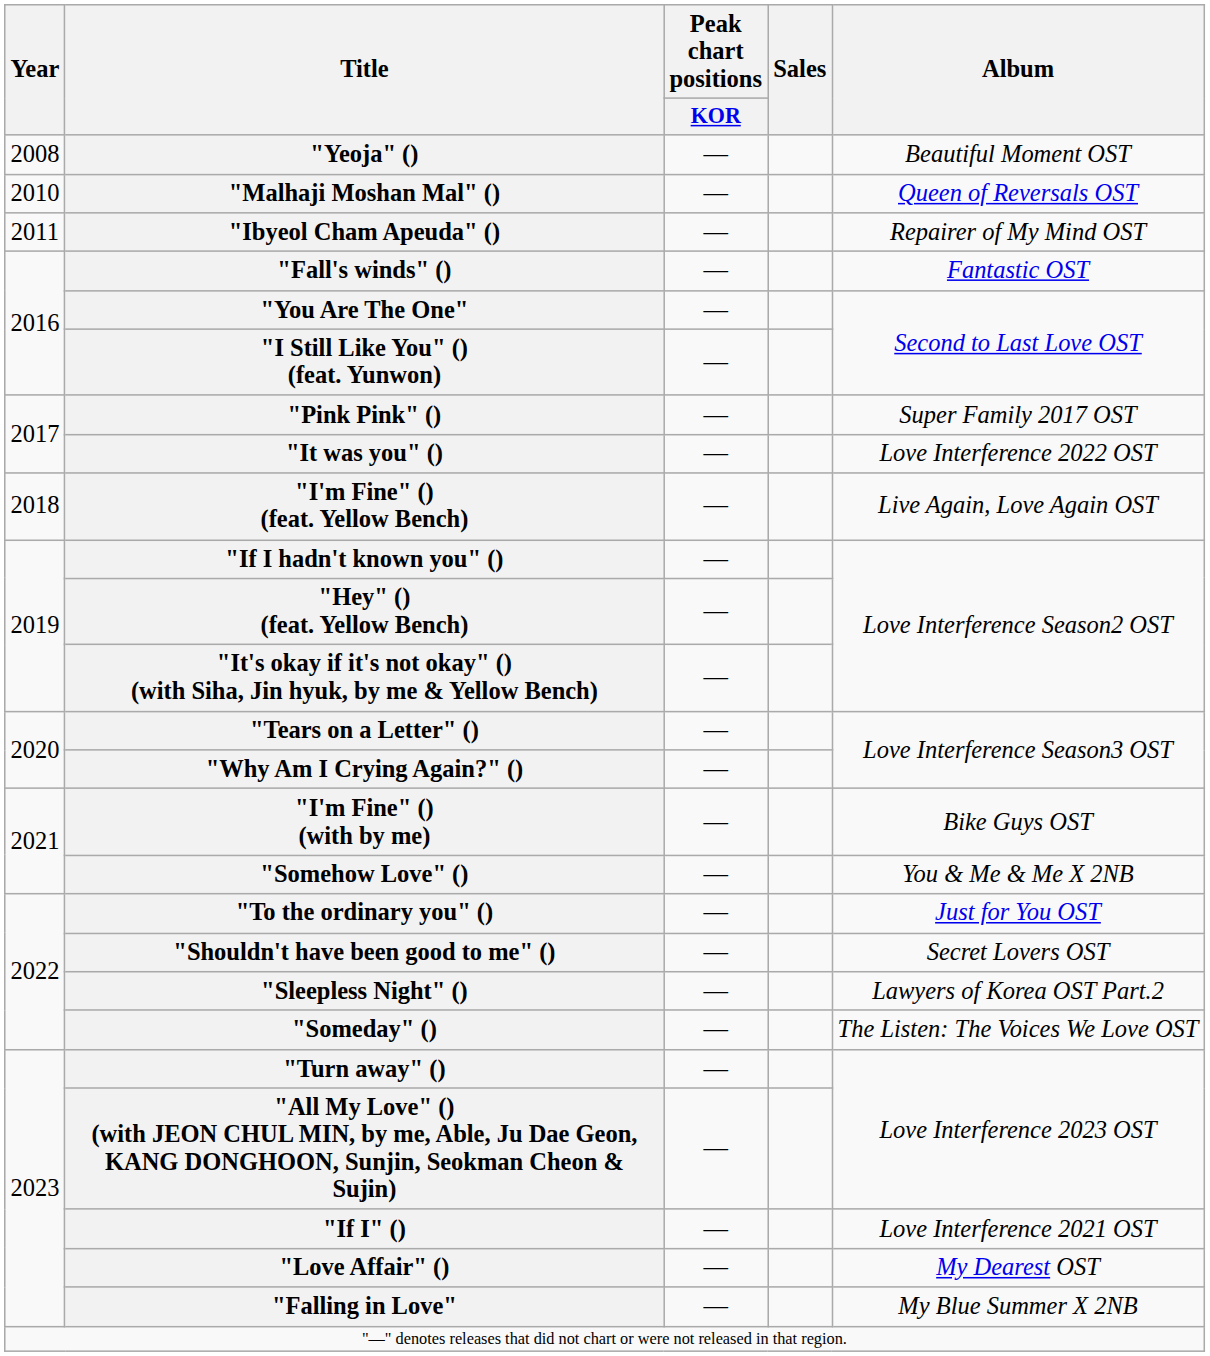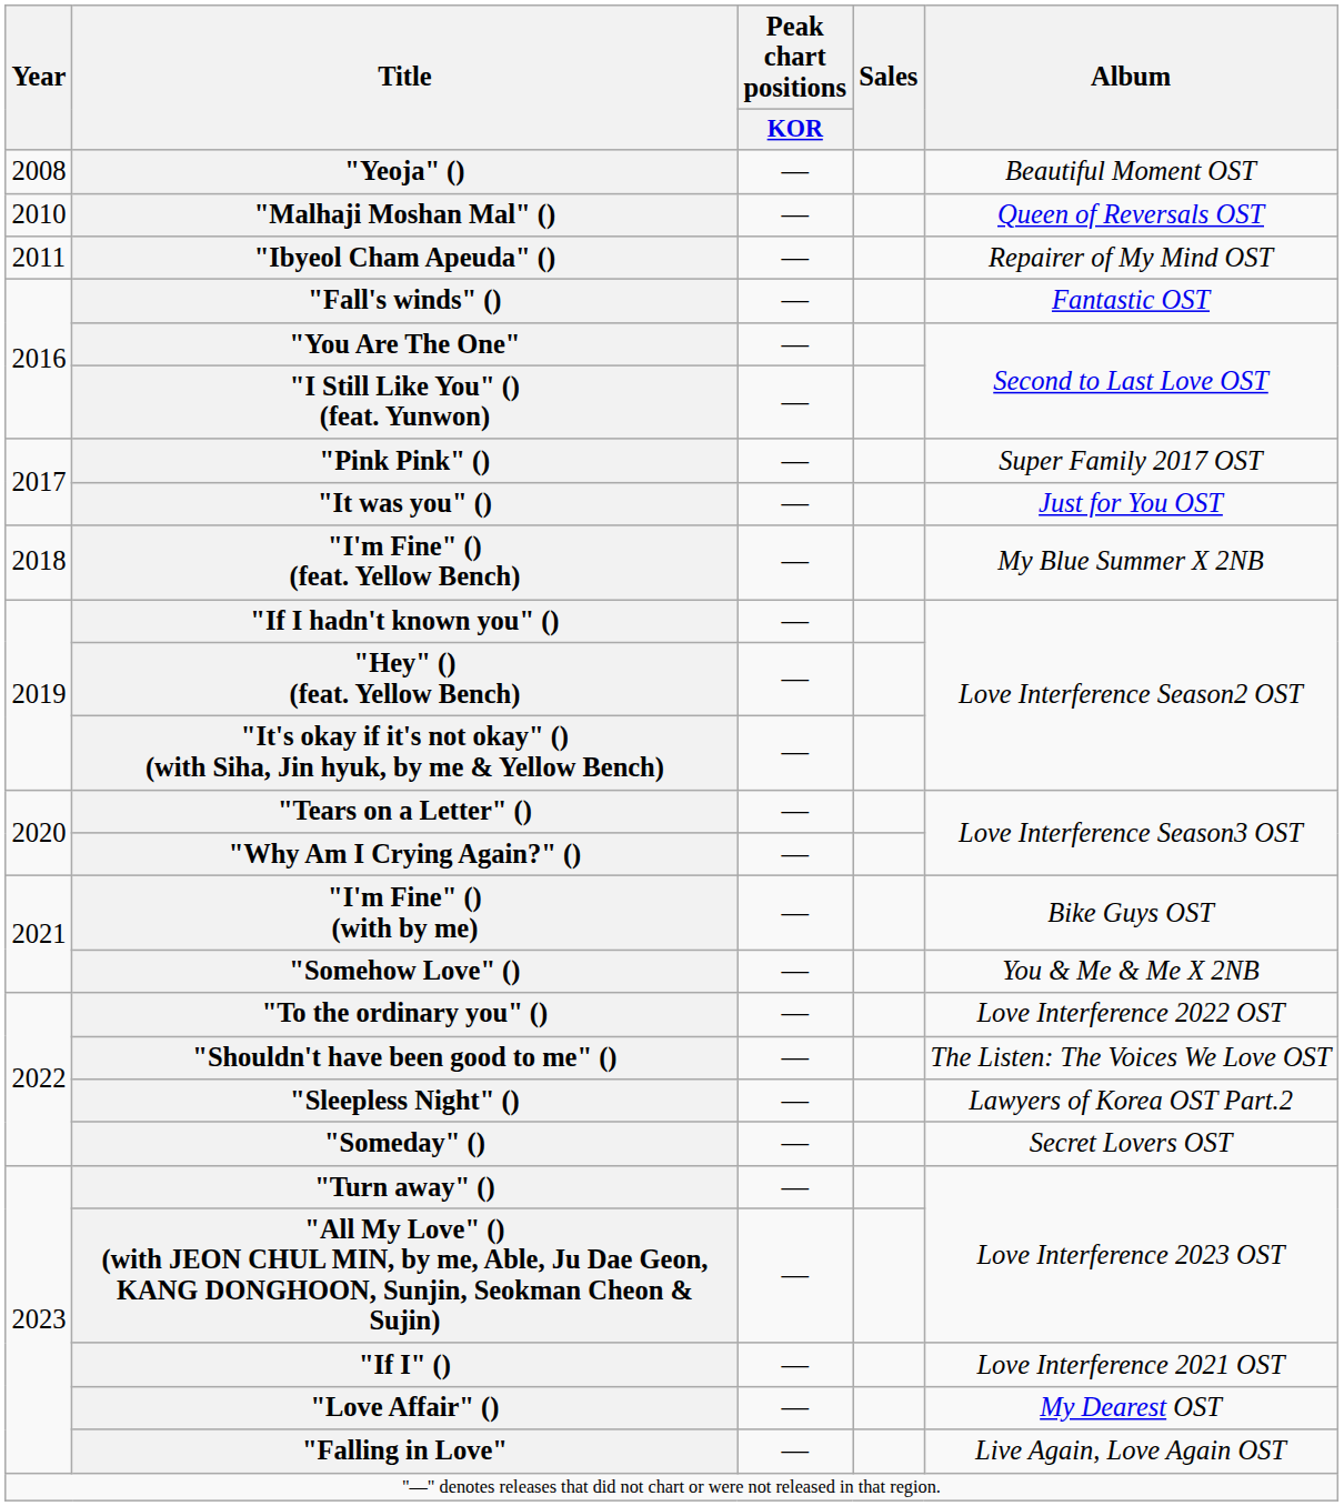 <table class="wikitable plainrowheaders" style="text-align:center;">
 <tr>
 <th scope="col" rowspan="2">Year</th>
 <th scope="col" rowspan="2" style="width:24em;">Title</th>
 <th colspan="1">Peak chart positions</th>
 <th rowspan="2">Sales</th>
 <th rowspan="2">Album</th>
 </tr>
 <tr>
 <th scope="col" style="width:4em;font-size:90%;"><a href='#'>KOR</a><br></th>
 </tr>
 <tr>
 <td rowspan="1">2008</td>
 <th scope="row">"Yeoja" ()</th>
 <td>—</td>
 <td></td>
 <td><em>Beautiful Moment OST</em></td>
 </tr>
 <tr>
 <td>2010</td>
 <th scope="row">"Malhaji Moshan Mal" ()</th>
 <td>—</td>
 <td></td>
 <td><em><a href='#'>Queen of Reversals OST</a></em></td>
 </tr>
 <tr>
 <td>2011</td>
 <th scope="row">"Ibyeol Cham Apeuda" ()</th>
 <td>—</td>
 <td></td>
 <td><em>Repairer of My Mind OST</em></td>
 </tr>
 <tr>
 <td rowspan="3">2016</td>
 <th scope="row">"Fall's winds" ()</th>
 <td>—</td>
 <td></td>
 <td><em><a href='#'>Fantastic OST</a></em></td>
 </tr>
 <tr>
 <th scope="row">"You Are The One"</th>
 <td>—</td>
 <td></td>
 <td rowspan="2"><em><a href='#'>Second to Last Love OST</a></em></td>
 </tr>
 <tr>
 <th scope="row">"I Still Like You" () <br>(feat. Yunwon)</th>
 <td>—</td>
 <td></td>
 </tr>
 <tr>
 <td rowspan="2">2017</td>
 <th scope="row">"Pink Pink" ()</th>
 <td>—</td>
 <td></td>
 <td><em>Super Family 2017 OST</em></td>
 </tr>
 <tr>
 <th scope="row">"It was you" ()</th>
 <td>—</td>
 <td></td>
-<td><em>Love Interference 2022 OST</em></td>
+<td><em><a href='#'>Just for You OST</a></em></td>
 </tr>
 <tr>
 <td>2018</td>
 <th scope="row">"I'm Fine" () <br>(feat. Yellow Bench)</th>
 <td>—</td>
 <td></td>
-<td><em>Live Again, Love Again OST</em></td>
+<td><em>My Blue Summer X 2NB</em></td>
 </tr>
 <tr>
 <td rowspan="3">2019</td>
 <th scope="row">"If I hadn't known you" ()</th>
 <td>—</td>
 <td></td>
 <td rowspan="3"><em>Love Interference Season2 OST</em></td>
 </tr>
 <tr>
 <th scope="row">"Hey" () <br>(feat. Yellow Bench)</th>
 <td>—</td>
 <td></td>
 </tr>
 <tr>
 <th scope="row">"It's okay if it's not okay" () <br>(with Siha, Jin hyuk, by me & Yellow Bench)</th>
 <td>—</td>
 <td></td>
 </tr>
 <tr>
 <td rowspan="2">2020</td>
 <th scope="row">"Tears on a Letter" ()</th>
 <td>—</td>
 <td></td>
 <td rowspan="2"><em>Love Interference Season3 OST</em></td>
 </tr>
 <tr>
 <th scope="row">"Why Am I Crying Again?" ()</th>
 <td>—</td>
 <td></td>
 </tr>
 <tr>
 <td rowspan="2">2021</td>
 <th scope="row">"I'm Fine" () <br>(with by me)</th>
 <td>—</td>
 <td></td>
 <td><em>Bike Guys OST</em></td>
 </tr>
 <tr>
 <th scope="row">"Somehow Love" ()</th>
 <td>—</td>
 <td></td>
 <td><em>You & Me & Me X 2NB</em></td>
 </tr>
 <tr>
 <td rowspan="4">2022</td>
 <th scope="row">"To the ordinary you" ()</th>
 <td>—</td>
 <td></td>
-<td><em><a href='#'>Just for You OST</a></em></td>
+<td><em>Love Interference 2022 OST</em></td>
 </tr>
 <tr>
 <th scope="row">"Shouldn't have been good to me" ()</th>
 <td>—</td>
 <td></td>
-<td><em>Secret Lovers OST</em></td>
+<td><em>The Listen: The Voices We Love OST</em></td>
 </tr>
 <tr>
 <th scope="row">"Sleepless Night" ()</th>
 <td>—</td>
 <td></td>
 <td><em>Lawyers of Korea OST Part.2</em></td>
 </tr>
 <tr>
 <th scope="row">"Someday" ()</th>
 <td>—</td>
 <td></td>
-<td><em>The Listen: The Voices We Love OST</em></td>
+<td><em>Secret Lovers OST</em></td>
 </tr>
 <tr>
 <td rowspan="5">2023</td>
 <th scope="row">"Turn away" ()</th>
 <td>—</td>
 <td></td>
 <td rowspan="2"><em>Love Interference 2023 OST</em></td>
 </tr>
 <tr>
 <th scope="row">"All My Love" () <br>(with JEON CHUL MIN, by me, Able, Ju Dae Geon, KANG DONGHOON, Sunjin, Seokman Cheon & Sujin)</th>
 <td>—</td>
 <td></td>
 </tr>
 <tr>
 <th scope="row">"If I" ()</th>
 <td>—</td>
 <td></td>
 <td><em>Love Interference 2021 OST</em></td>
 </tr>
 <tr>
 <th scope="row">"Love Affair" ()</th>
 <td>—</td>
 <td></td>
 <td><em><a href='#'>My Dearest</a> OST</em></td>
 </tr>
 <tr>
 <th scope="row">"Falling in Love"</th>
 <td>—</td>
 <td></td>
-<td><em>My Blue Summer X 2NB</em></td>
+<td><em>Live Again, Love Again OST</em></td>
 </tr>
 <tr>
 <td colspan="5" style="font-size:8pt;">"—" denotes releases that did not chart or were not released in that region.</td>
 </tr>
 </table>
